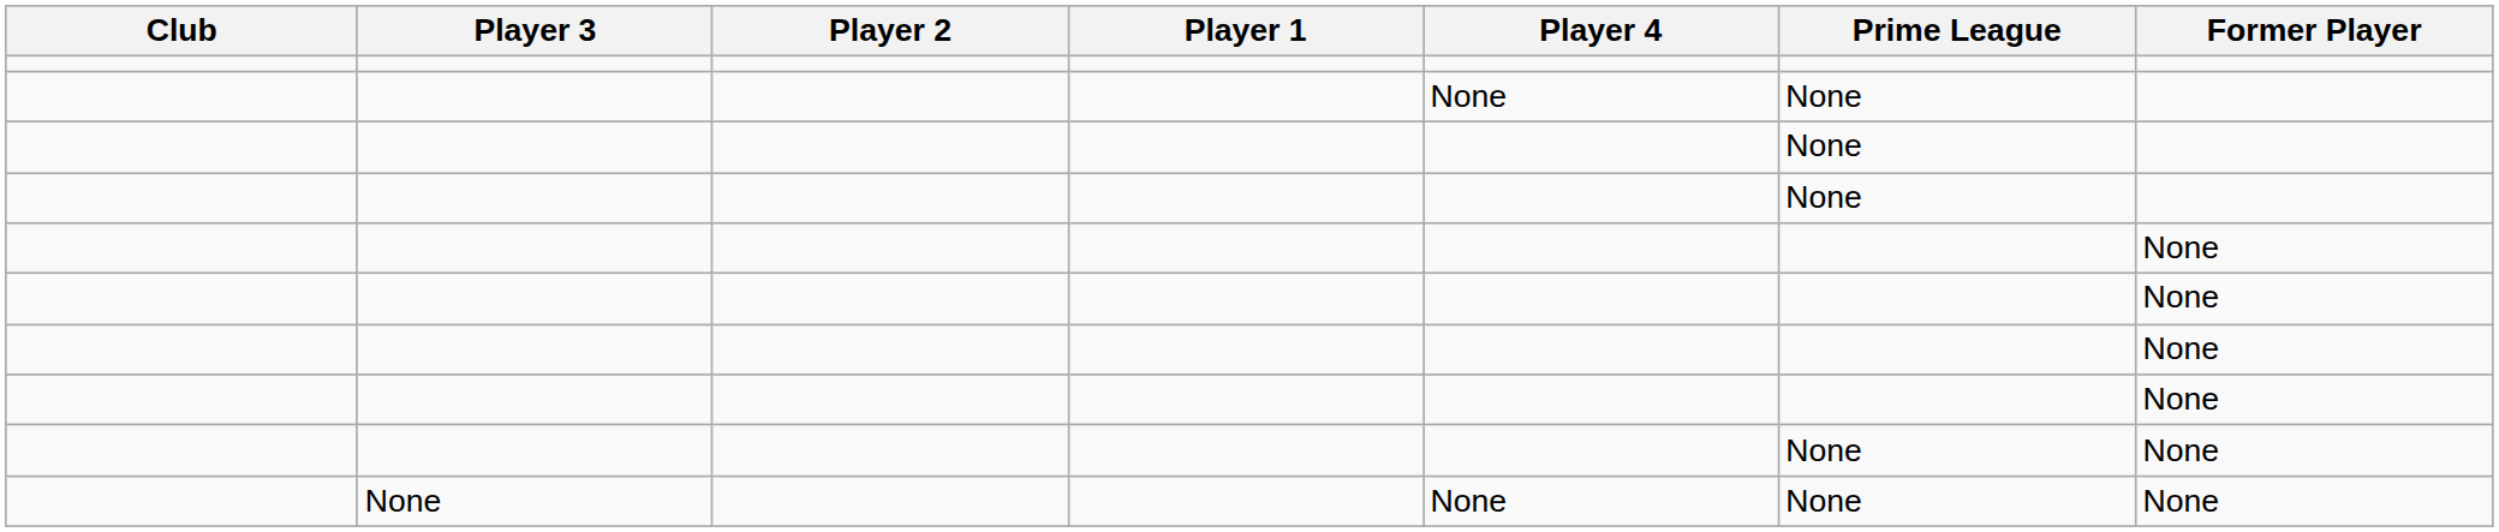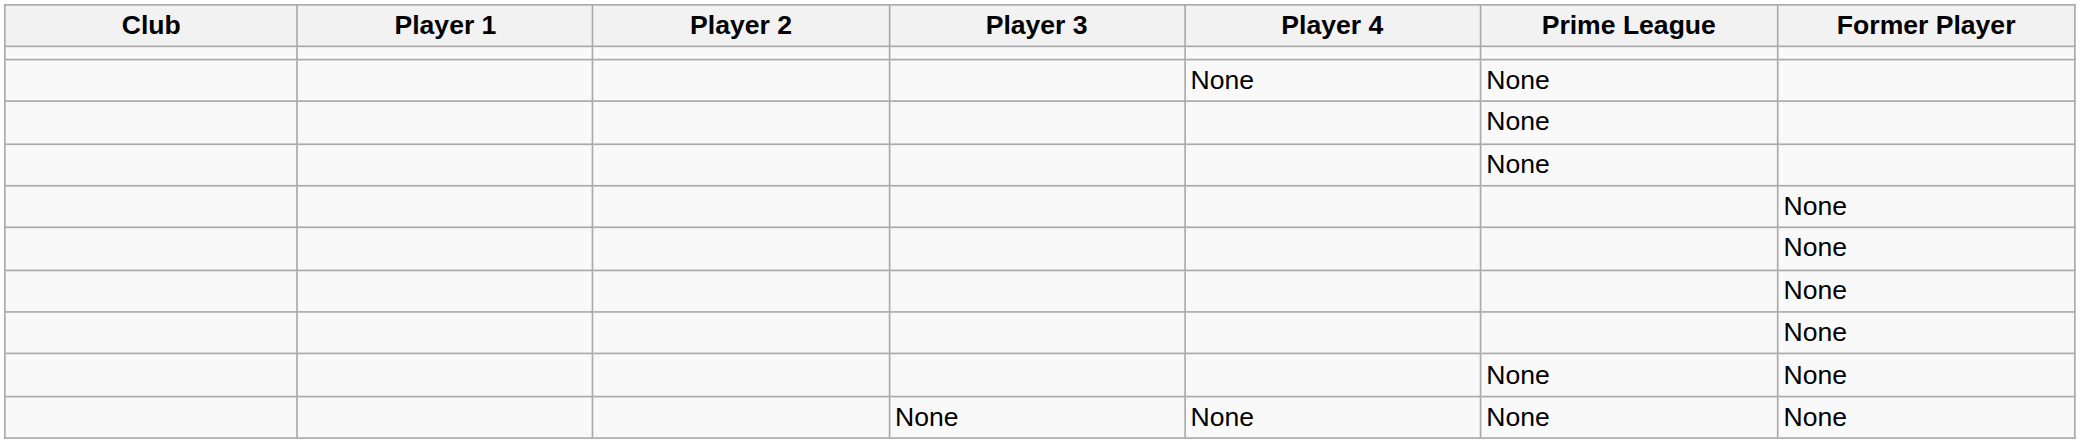 <table class="wikitable ">
 <tr>
 <th style="width:190px;">Club</th>
+<th style="width:190px;">Player 1</th>
+<th style="width:190px;">Player 2</th>
 <th style="width:190px;">Player 3</th>
-<th style="width:190px;">Player 2</th>
-<th style="width:190px;">Player 1</th>
 <th style="width:190px;">Player 4</th>
 <th style="width:190px;">Prime League</th>
 <th style="width:190px;">Former Player</th>
 </tr>
 <tr>
 <td></td>
 <td></td>
 <td></td>
 <td></td>
 <td></td>
 <td></td>
 <td></td>
 </tr>
 <tr>
 <td></td>
 <td></td>
 <td></td>
 <td></td>
 <td>None</td>
 <td>None</td>
 <td></td>
 </tr>
 <tr>
 <td></td>
 <td></td>
 <td></td>
 <td></td>
 <td></td>
 <td>None</td>
 <td></td>
 </tr>
 <tr>
 <td></td>
 <td></td>
 <td></td>
 <td></td>
 <td></td>
 <td>None</td>
 <td></td>
 </tr>
 <tr>
 <td></td>
 <td></td>
 <td></td>
 <td></td>
 <td></td>
 <td></td>
 <td>None</td>
 </tr>
 <tr>
 <td></td>
 <td></td>
 <td></td>
 <td></td>
 <td></td>
 <td></td>
 <td>None</td>
 </tr>
 <tr>
 <td></td>
 <td></td>
 <td></td>
 <td></td>
 <td></td>
 <td></td>
 <td>None</td>
 </tr>
 <tr>
 <td></td>
 <td></td>
 <td></td>
 <td></td>
 <td></td>
 <td></td>
 <td>None</td>
 </tr>
 <tr>
 <td></td>
 <td></td>
 <td></td>
 <td></td>
 <td></td>
 <td>None</td>
 <td>None</td>
 </tr>
 <tr>
 <td></td>
-<td>None</td>
 <td></td>
 <td></td>
 <td>None</td>
 <td>None</td>
 <td>None</td>
+<td>None</td>
 </tr>
 </table>
